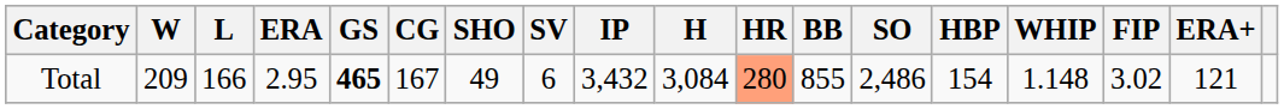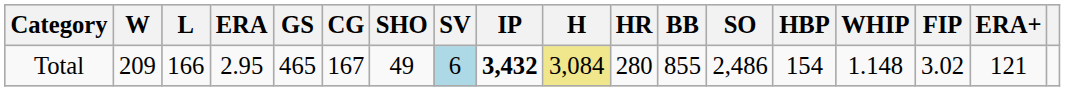 <table class="wikitable"  style="font-size: 95%; text-align:center;">
 <tr>
 <th>Category</th>
 <th>W</th>
 <th>L</th>
 <th>ERA</th>
 <th>GS</th>
 <th>CG</th>
 <th>SHO</th>
 <th>SV</th>
 <th>IP</th>
 <th>H</th>
 <th>HR</th>
 <th>BB</th>
 <th>SO</th>
 <th>HBP</th>
 <th>WHIP</th>
 <th>FIP</th>
 <th>ERA+</th>
 <th></th>
 </tr>
 <tr>
 <td>Total</td>
 <td>209</td>
 <td>166</td>
 <td>2.95</td>
-<td><strong>465</strong></td>
+<td>465</td>
 <td>167</td>
 <td>49</td>
-<td>6</td>
-<td>3,432</td>
-<td>3,084</td>
-<td style="background: lightsalmon;">280</td>
+<td style="background: lightblue;">6</td>
+<td><strong>3,432</strong></td>
+<td style="background: khaki;">3,084</td>
+<td>280</td>
 <td>855</td>
 <td>2,486</td>
 <td>154</td>
 <td>1.148</td>
 <td>3.02</td>
 <td>121</td>
 <td></td>
 </tr>
 </table>
